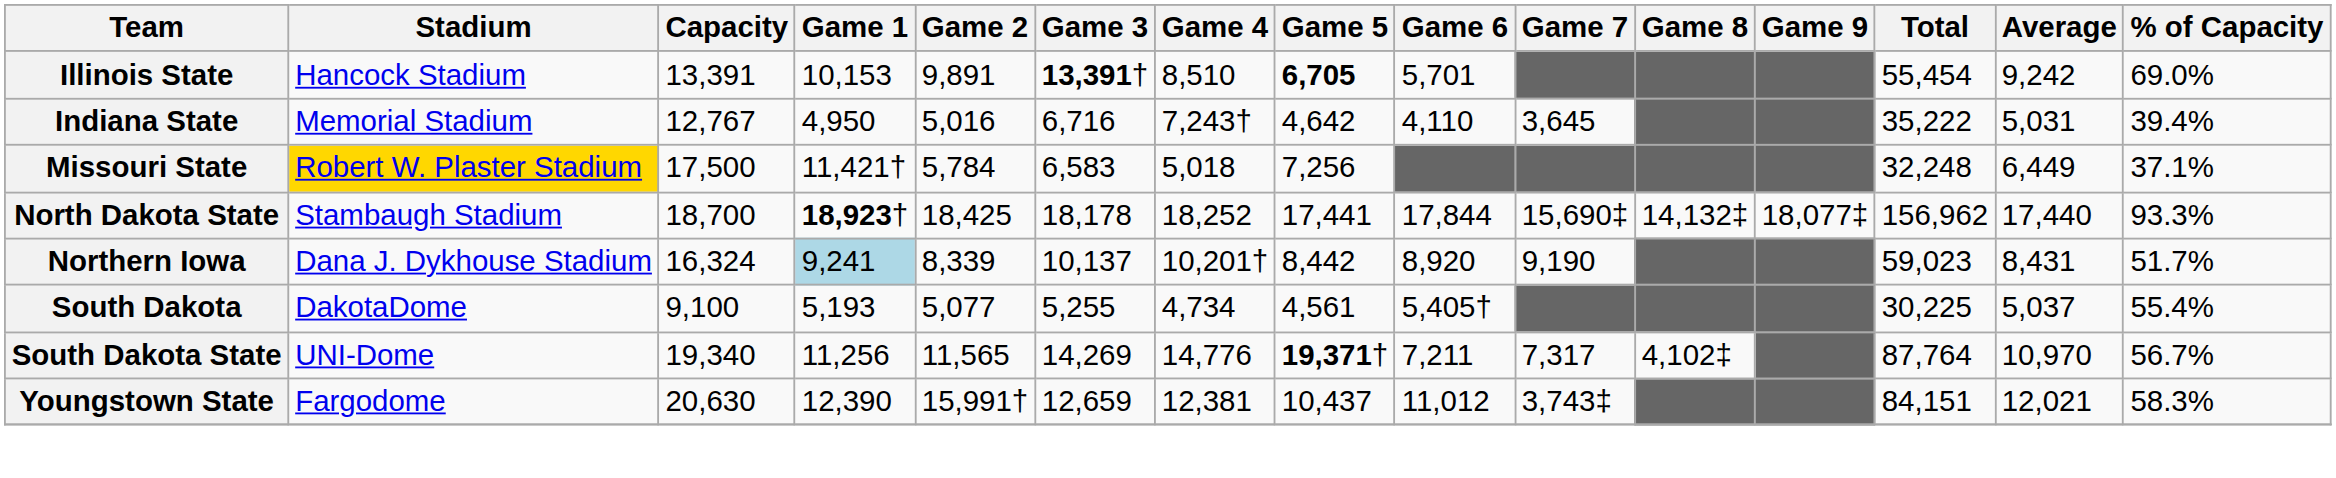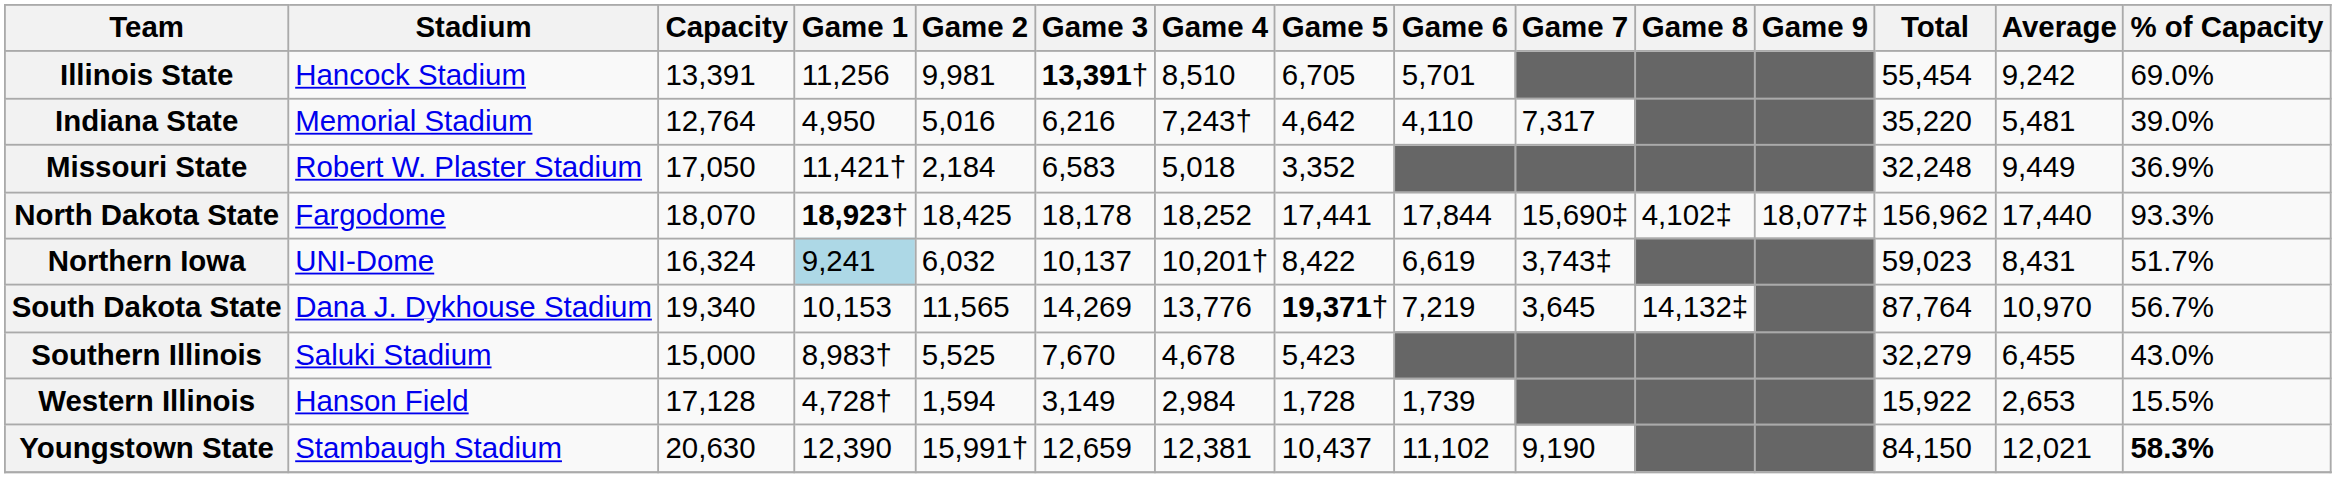 <table class="wikitable sortable">
 <tr>
 <th>Team</th>
 <th>Stadium</th>
 <th>Capacity</th>
 <th>Game 1</th>
 <th>Game 2</th>
 <th>Game 3</th>
 <th>Game 4</th>
 <th>Game 5</th>
 <th>Game 6</th>
 <th>Game 7</th>
 <th>Game 8</th>
 <th>Game 9</th>
 <th>Total</th>
 <th>Average</th>
 <th>% of Capacity</th>
 </tr>
 <tr>
 <th>Illinois State</th>
 <td><a href='#'>Hancock Stadium</a></td>
 <td>13,391</td>
-<td>10,153</td>
-<td>9,891</td>
+<td>11,256</td>
+<td>9,981</td>
 <td><strong>13,391</strong>†</td>
 <td>8,510</td>
-<td><strong>6,705</strong></td>
+<td>6,705</td>
 <td>5,701</td>
 <td style="background:#666666;"></td>
 <td style="background:#666666;"></td>
 <td style="background:#666666;"></td>
 <td>55,454</td>
 <td>9,242</td>
 <td>69.0%</td>
 </tr>
 <tr>
 <th>Indiana State</th>
 <td><a href='#'>Memorial Stadium</a></td>
-<td>12,767</td>
+<td>12,764</td>
 <td>4,950</td>
 <td>5,016</td>
-<td>6,716</td>
+<td>6,216</td>
 <td>7,243†</td>
 <td>4,642</td>
 <td>4,110</td>
-<td>3,645</td>
+<td>7,317</td>
 <td style="background:#666666;"></td>
 <td style="background:#666666;"></td>
-<td>35,222</td>
-<td>5,031</td>
-<td>39.4%</td>
+<td>35,220</td>
+<td>5,481</td>
+<td>39.0%</td>
 </tr>
 <tr>
 <th>Missouri State</th>
-<td style="background: gold;"><a href='#'>Robert W. Plaster Stadium</a></td>
-<td>17,500</td>
+<td><a href='#'>Robert W. Plaster Stadium</a></td>
+<td>17,050</td>
 <td>11,421†</td>
-<td>5,784</td>
+<td>2,184</td>
 <td>6,583</td>
 <td>5,018</td>
-<td>7,256</td>
+<td>3,352</td>
 <td style="background:#666666;"></td>
 <td style="background:#666666;"></td>
 <td style="background:#666666;"></td>
 <td style="background:#666666;"></td>
 <td>32,248</td>
-<td>6,449</td>
-<td>37.1%</td>
+<td>9,449</td>
+<td>36.9%</td>
 </tr>
 <tr>
 <th>North Dakota State</th>
-<td><a href='#'>Stambaugh Stadium</a></td>
-<td>18,700</td>
+<td><a href='#'>Fargodome</a></td>
+<td>18,070</td>
 <td><strong>18,923</strong>†</td>
 <td>18,425</td>
 <td>18,178</td>
 <td>18,252</td>
 <td>17,441</td>
 <td>17,844</td>
 <td>15,690‡</td>
-<td>14,132‡</td>
+<td>4,102‡</td>
 <td>18,077‡</td>
 <td>156,962</td>
 <td>17,440</td>
 <td>93.3%</td>
 </tr>
 <tr>
 <th>Northern Iowa</th>
-<td><a href='#'>Dana J. Dykhouse Stadium</a></td>
+<td><a href='#'>UNI-Dome</a></td>
 <td>16,324</td>
 <td style="background: lightblue;">9,241</td>
-<td>8,339</td>
+<td>6,032</td>
 <td>10,137</td>
 <td>10,201†</td>
-<td>8,442</td>
-<td>8,920</td>
-<td>9,190</td>
+<td>8,422</td>
+<td>6,619</td>
+<td>3,743‡</td>
 <td style="background:#666666;"></td>
 <td style="background:#666666;"></td>
 <td>59,023</td>
 <td>8,431</td>
 <td>51.7%</td>
 </tr>
 <tr>
-<th>South Dakota</th>
-<td><a href='#'>DakotaDome</a></td>
-<td>9,100</td>
-<td>5,193</td>
-<td>5,077</td>
-<td>5,255</td>
-<td>4,734</td>
-<td>4,561</td>
-<td>5,405†</td>
-<td style="background:#666666;"></td>
-<td style="background:#666666;"></td>
-<td style="background:#666666;"></td>
-<td>30,225</td>
-<td>5,037</td>
-<td>55.4%</td>
-</tr>
-<tr>
 <th>South Dakota State</th>
-<td><a href='#'>UNI-Dome</a></td>
+<td><a href='#'>Dana J. Dykhouse Stadium</a></td>
 <td>19,340</td>
-<td>11,256</td>
+<td>10,153</td>
 <td>11,565</td>
 <td>14,269</td>
-<td>14,776</td>
+<td>13,776</td>
 <td><strong>19,371</strong>†</td>
-<td>7,211</td>
-<td>7,317</td>
-<td>4,102‡</td>
+<td>7,219</td>
+<td>3,645</td>
+<td>14,132‡</td>
 <td style="background:#666666;"></td>
 <td>87,764</td>
 <td>10,970</td>
 <td>56.7%</td>
 </tr>
 <tr>
+<th>Southern Illinois</th>
+<td><a href='#'>Saluki Stadium</a></td>
+<td>15,000</td>
+<td>8,983†</td>
+<td>5,525</td>
+<td>7,670</td>
+<td>4,678</td>
+<td>5,423</td>
+<td style="background:#666666;"></td>
+<td style="background:#666666;"></td>
+<td style="background:#666666;"></td>
+<td style="background:#666666;"></td>
+<td>32,279</td>
+<td>6,455</td>
+<td>43.0%</td>
+</tr>
+<tr>
+<th>Western Illinois</th>
+<td><a href='#'>Hanson Field</a></td>
+<td>17,128</td>
+<td>4,728†</td>
+<td>1,594</td>
+<td>3,149</td>
+<td>2,984</td>
+<td>1,728</td>
+<td>1,739</td>
+<td style="background:#666666;"></td>
+<td style="background:#666666;"></td>
+<td style="background:#666666;"></td>
+<td>15,922</td>
+<td>2,653</td>
+<td>15.5%</td>
+</tr>
+<tr>
 <th>Youngstown State</th>
-<td><a href='#'>Fargodome</a></td>
+<td><a href='#'>Stambaugh Stadium</a></td>
 <td>20,630</td>
 <td>12,390</td>
 <td>15,991†</td>
 <td>12,659</td>
 <td>12,381</td>
 <td>10,437</td>
-<td>11,012</td>
-<td>3,743‡</td>
+<td>11,102</td>
+<td>9,190</td>
 <td style="background:#666666;"></td>
 <td style="background:#666666;"></td>
-<td>84,151</td>
+<td>84,150</td>
 <td>12,021</td>
-<td>58.3%</td>
+<td><strong>58.3%</strong></td>
 </tr>
 <tr>
 </tr>
 </table>
